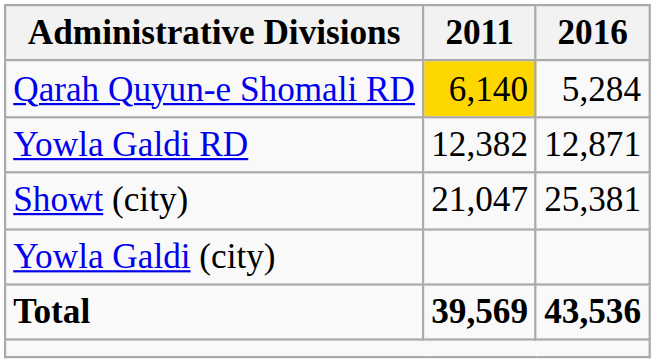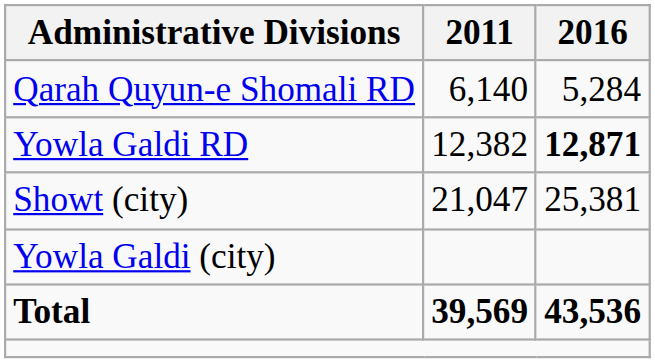 <table class="wikitable">
 <tr>
 <th>Administrative Divisions</th>
 <th>2011</th>
 <th>2016</th>
 </tr>
 <tr>
 <td><a href='#'>Qarah Quyun-e Shomali RD</a></td>
-<td style="background: gold; text-align: right;">6,140</td>
+<td style="text-align: right;">6,140</td>
 <td style="text-align: right;">5,284</td>
 </tr>
 <tr>
 <td><a href='#'>Yowla Galdi RD</a></td>
 <td style="text-align: right;">12,382</td>
-<td style="text-align: right;">12,871</td>
+<td style="text-align: right;"><strong>12,871</strong></td>
 </tr>
 <tr>
 <td><a href='#'>Showt</a> (city)</td>
 <td style="text-align: right;">21,047</td>
 <td style="text-align: right;">25,381</td>
 </tr>
 <tr>
 <td><a href='#'>Yowla Galdi</a> (city)</td>
 <td style="text-align: right;"></td>
 <td style="text-align: right;"></td>
 </tr>
 <tr>
 <td><strong>Total</strong></td>
 <td style="text-align: right;"><strong>39,569</strong></td>
 <td style="text-align: right;"><strong>43,536</strong></td>
 </tr>
 <tr>
 <td colspan=3></td>
 </tr>
 </table>
